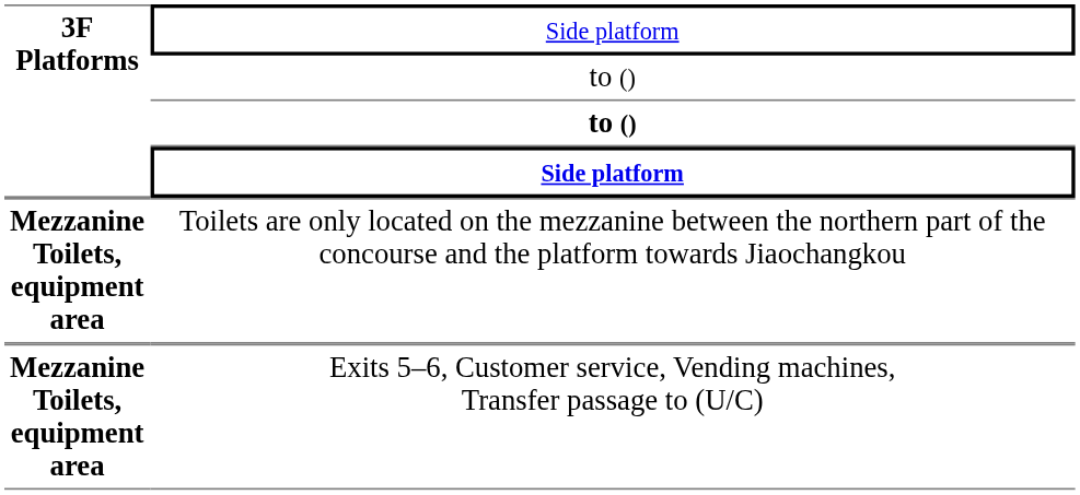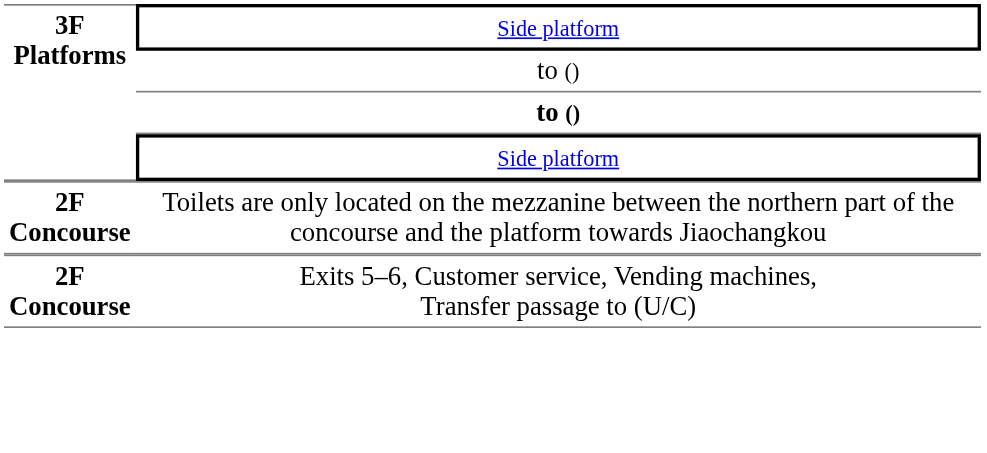 <table table border=0 cellspacing=0 cellpadding=3>
 <tr>
 <td style="border-bottom:solid 1px gray; border-top:solid 1px gray;text-align:center" rowspan="4" valign=top width=50><strong>3F<br>Platforms</strong></td>
 <td style="border-right:solid 2px black;border-left:solid 2px black;border-top:solid 2px black;border-bottom:solid 2px black;text-align:center;"><small><a href='#'>Side platform</a></small></td>
 </tr>
 <tr>
 <td style="border-bottom:solid 1px gray;text-align:center;">  to  <small>()</small></td>
 </tr>
 <tr>
 <td style="border-bottom:solid 1px gray;text-align:center;"><strong> to  <small>()</small> </strong></td>
 </tr>
 <tr>
-<td style="border-right:solid 2px black;border-left:solid 2px black;border-top:solid 2px black;border-bottom:solid 2px black;text-align:center;"><strong><small><a href='#'>Side platform</a></small></strong></td>
+<td style="border-right:solid 2px black;border-left:solid 2px black;border-top:solid 2px black;border-bottom:solid 2px black;text-align:center;"><small><a href='#'>Side platform</a></small></td>
 </tr>
 <tr>
-<td style="border-bottom:solid 1px gray; border-top:solid 1px gray;text-align:center" valign=top><strong>Mezzanine<br>Toilets, equipment area</strong></td>
+<td style="border-bottom:solid 1px gray; border-top:solid 1px gray;text-align:center" valign=top><strong>2F<br>Concourse</strong></td>
 <td style="border-bottom:solid 1px gray; border-top:solid 1px gray;text-align:center;" valign=top width=500>Toilets are only located on the mezzanine between the northern part of the concourse and the platform towards Jiaochangkou</td>
 </tr>
 <tr>
-<td style="border-bottom:solid 1px gray; border-top:solid 1px gray;text-align:center" valign=top><strong>Mezzanine<br>Toilets, equipment area</strong></td>
+<td style="border-bottom:solid 1px gray; border-top:solid 1px gray;text-align:center" valign=top><strong>2F<br>Concourse</strong></td>
 <td style="border-bottom:solid 1px gray; border-top:solid 1px gray;text-align:center" valign=top width=500>Exits 5–6, Customer service, Vending machines,<br>Transfer passage to  (U/C)</td>
 </tr>
 </table>
